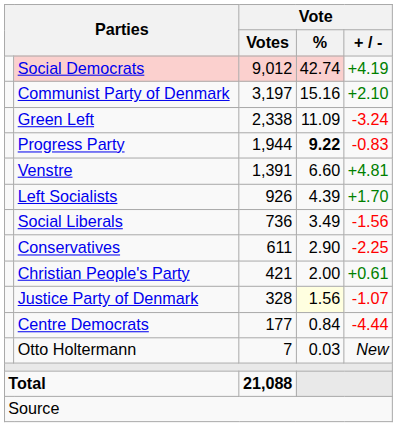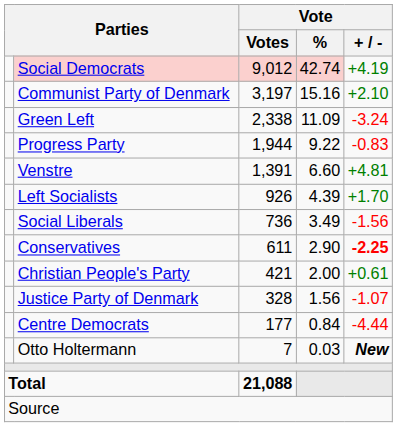 <table class="wikitable" style="text-align:right;">
 <tr>
 <th style="text-align:centre;" rowspan="2" colspan="2" width="225">Parties</th>
 <th colspan="3">Vote</th>
 </tr>
 <tr>
 <th width="15">Votes</th>
 <th width="15">%</th>
 <th width="15">+ / -</th>
 </tr>
 <tr>
 <td width="2" style="color:inherit;background:"></td>
 <td bgcolor=#fbd0ce  align="left"><a href='#'>Social Democrats</a></td>
 <td bgcolor=#fbd0ce>9,012</td>
 <td bgcolor=#fbd0ce>42.74</td>
 <td style=color:green;>+4.19</td>
 </tr>
 <tr>
 <td width="2" style="color:inherit;background:"></td>
 <td align="left"><a href='#'>Communist Party of Denmark</a></td>
 <td>3,197</td>
 <td>15.16</td>
 <td style=color:green;>+2.10</td>
 </tr>
 <tr>
 <td width="2" style="color:inherit;background:"></td>
 <td align="left"><a href='#'>Green Left</a></td>
 <td>2,338</td>
 <td>11.09</td>
 <td style=color:red;>-3.24</td>
 </tr>
 <tr>
 <td width="2" style="color:inherit;background:"></td>
 <td align="left"><a href='#'>Progress Party</a></td>
 <td>1,944</td>
-<td><strong>9.22</strong></td>
+<td>9.22</td>
 <td style=color:red;>-0.83</td>
 </tr>
 <tr>
 <td width="2" style="color:inherit;background:"></td>
 <td align="left"><a href='#'>Venstre</a></td>
 <td>1,391</td>
 <td>6.60</td>
 <td style=color:green;>+4.81</td>
 </tr>
 <tr>
 <td width="2" style="color:inherit;background:"></td>
 <td align="left"><a href='#'>Left Socialists</a></td>
 <td>926</td>
 <td>4.39</td>
 <td style=color:green;>+1.70</td>
 </tr>
 <tr>
 <td width="2" style="color:inherit;background:"></td>
 <td align="left"><a href='#'>Social Liberals</a></td>
 <td>736</td>
 <td>3.49</td>
 <td style=color:red;>-1.56</td>
 </tr>
 <tr>
 <td width="2" style="color:inherit;background:"></td>
 <td align="left"><a href='#'>Conservatives</a></td>
 <td>611</td>
 <td>2.90</td>
-<td style=color:red;>-2.25</td>
+<td style=color:red;><strong>-2.25</strong></td>
 </tr>
 <tr>
 <td width="2" style="color:inherit;background:"></td>
 <td align="left"><a href='#'>Christian People's Party</a></td>
 <td>421</td>
 <td>2.00</td>
 <td style=color:green;>+0.61</td>
 </tr>
 <tr>
 <td width="2" style="color:inherit;background:"></td>
 <td align="left"><a href='#'>Justice Party of Denmark</a></td>
 <td>328</td>
-<td style="background: lightyellow;">1.56</td>
+<td>1.56</td>
 <td style=color:red;>-1.07</td>
 </tr>
 <tr>
 <td width="2" style="color:inherit;background:"></td>
 <td align="left"><a href='#'>Centre Democrats</a></td>
 <td>177</td>
 <td>0.84</td>
 <td style=color:red;>-4.44</td>
 </tr>
 <tr>
 <td width="2" style="color:inherit;background:"></td>
 <td align="left">Otto Holtermann</td>
 <td>7</td>
 <td>0.03</td>
-<td><em>New</em></td>
+<td><strong><em>New</em></strong></td>
 </tr>
 <tr>
 <td colspan="7" bgcolor="#E9E9E9"></td>
 </tr>
 <tr>
 <td align="left" colspan="2"><strong>Total</strong></td>
 <td><strong>21,088</strong></td>
 <td bgcolor="#E9E9E9" colspan="2"></td>
 </tr>
 <tr>
 <td align="left" colspan="6">Source</td>
 </tr>
 </table>
